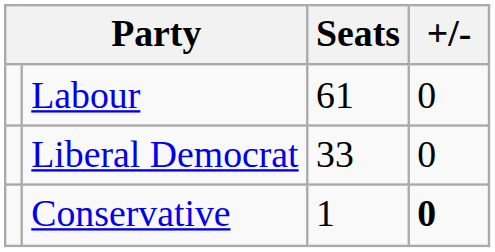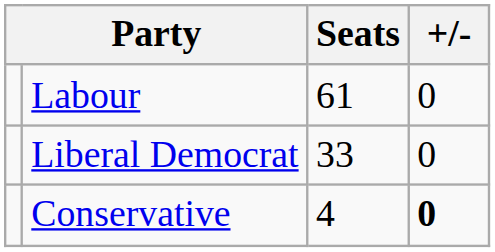 <table class="wikitable">
 <tr>
 <th colspan="2">Party</th>
 <th>Seats</th>
 <th> +/- </th>
 </tr>
 <tr>
 <td style="background-color: "></td>
 <td><a href='#'>Labour</a></td>
 <td>61</td>
 <td>0</td>
 </tr>
 <tr>
 <td style="background-color: "></td>
 <td><a href='#'>Liberal Democrat</a></td>
 <td>33</td>
 <td>0</td>
 </tr>
 <tr>
 <td style="background-color: "></td>
 <td><a href='#'>Conservative</a></td>
-<td>1</td>
+<td>4</td>
 <td><strong>0</strong></td>
 </tr>
 </table>
